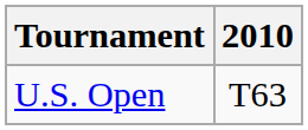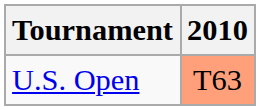 <table class="wikitable" style="font-size:95%;">
 <tr>
 <th>Tournament</th>
 <th>2010</th>
 </tr>
 <tr>
 <td><a href='#'>U.S. Open</a></td>
-<td align="center">T63</td>
+<td align="center" style="background: lightsalmon;">T63</td>
 </tr>
 </table>
